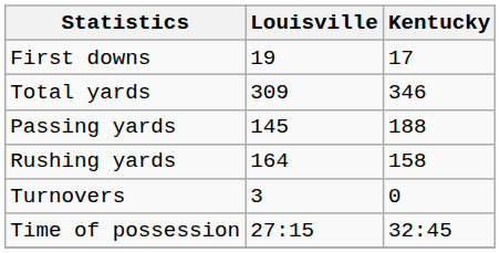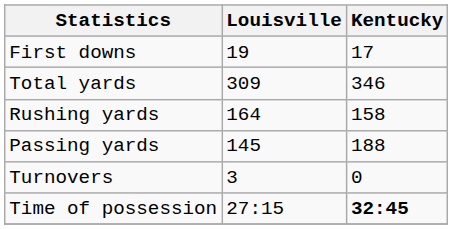 <table class="wikitable" style="float: left;">
 <tr>
 <th>Statistics</th>
 <th>Louisville</th>
 <th>Kentucky</th>
 </tr>
 <tr>
 <td>First downs</td>
 <td>19</td>
 <td>17</td>
 </tr>
 <tr>
 <td>Total yards</td>
 <td>309</td>
 <td>346</td>
 </tr>
 <tr>
+<td>Rushing yards</td>
+<td>164</td>
+<td>158</td>
+</tr>
+<tr>
 <td>Passing yards</td>
 <td>145</td>
 <td>188</td>
-</tr>
-<tr>
-<td>Rushing yards</td>
-<td>164</td>
-<td>158</td>
 </tr>
 <tr>
 <td>Turnovers</td>
 <td>3</td>
 <td>0</td>
 </tr>
 <tr>
 <td>Time of possession</td>
 <td>27:15</td>
-<td>32:45</td>
+<td><strong>32:45</strong></td>
 </tr>
 <tr>
 </tr>
 </table>
